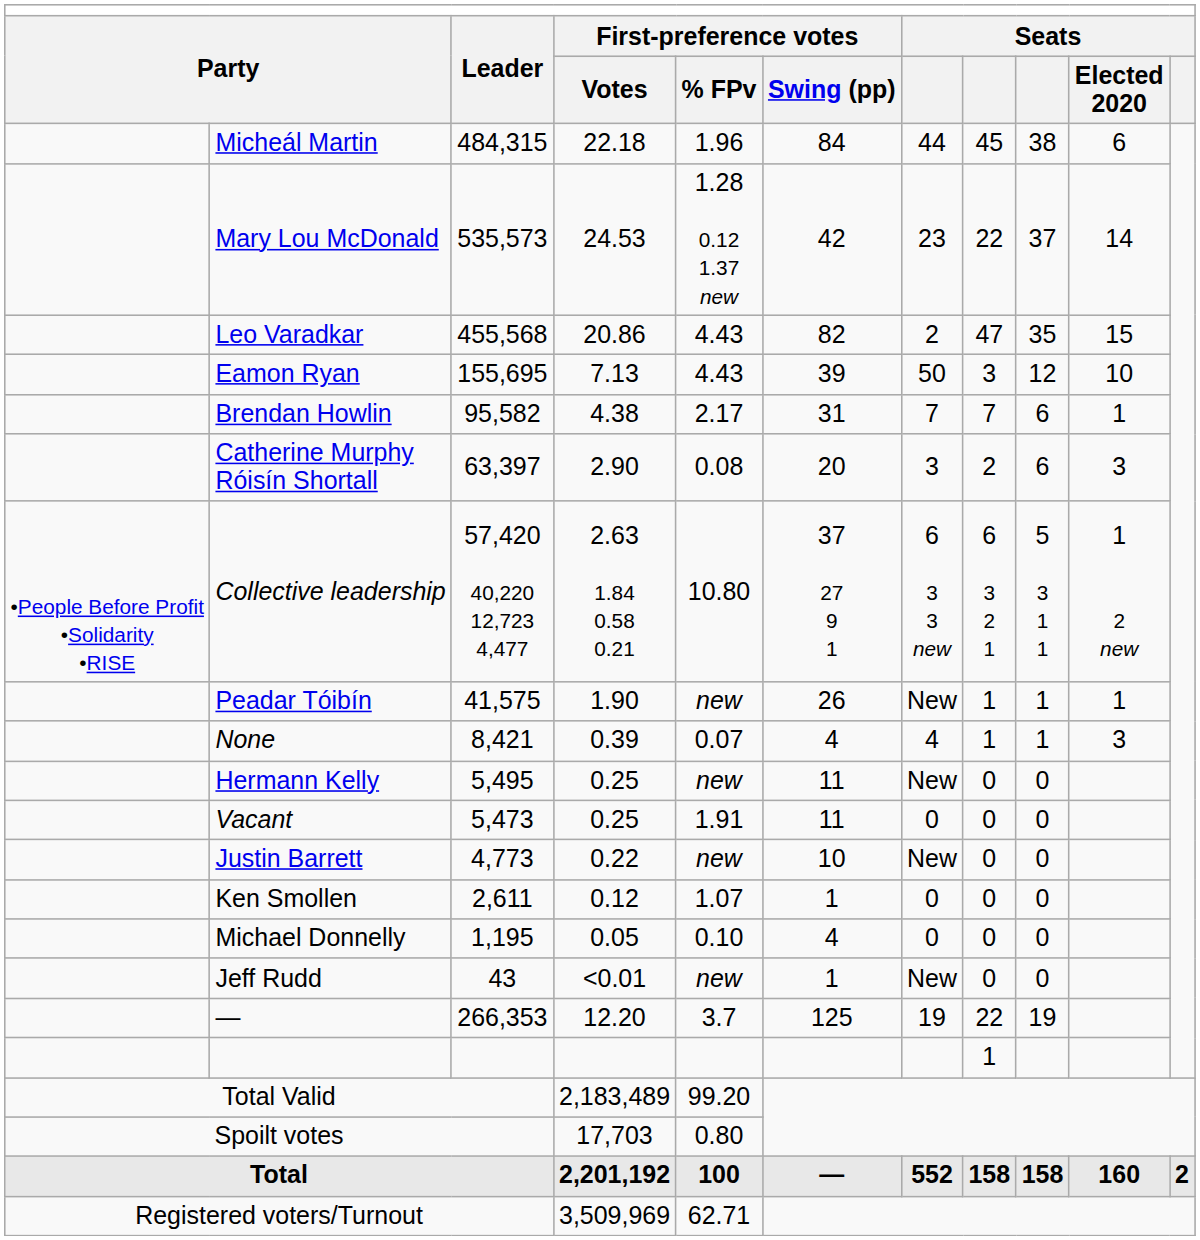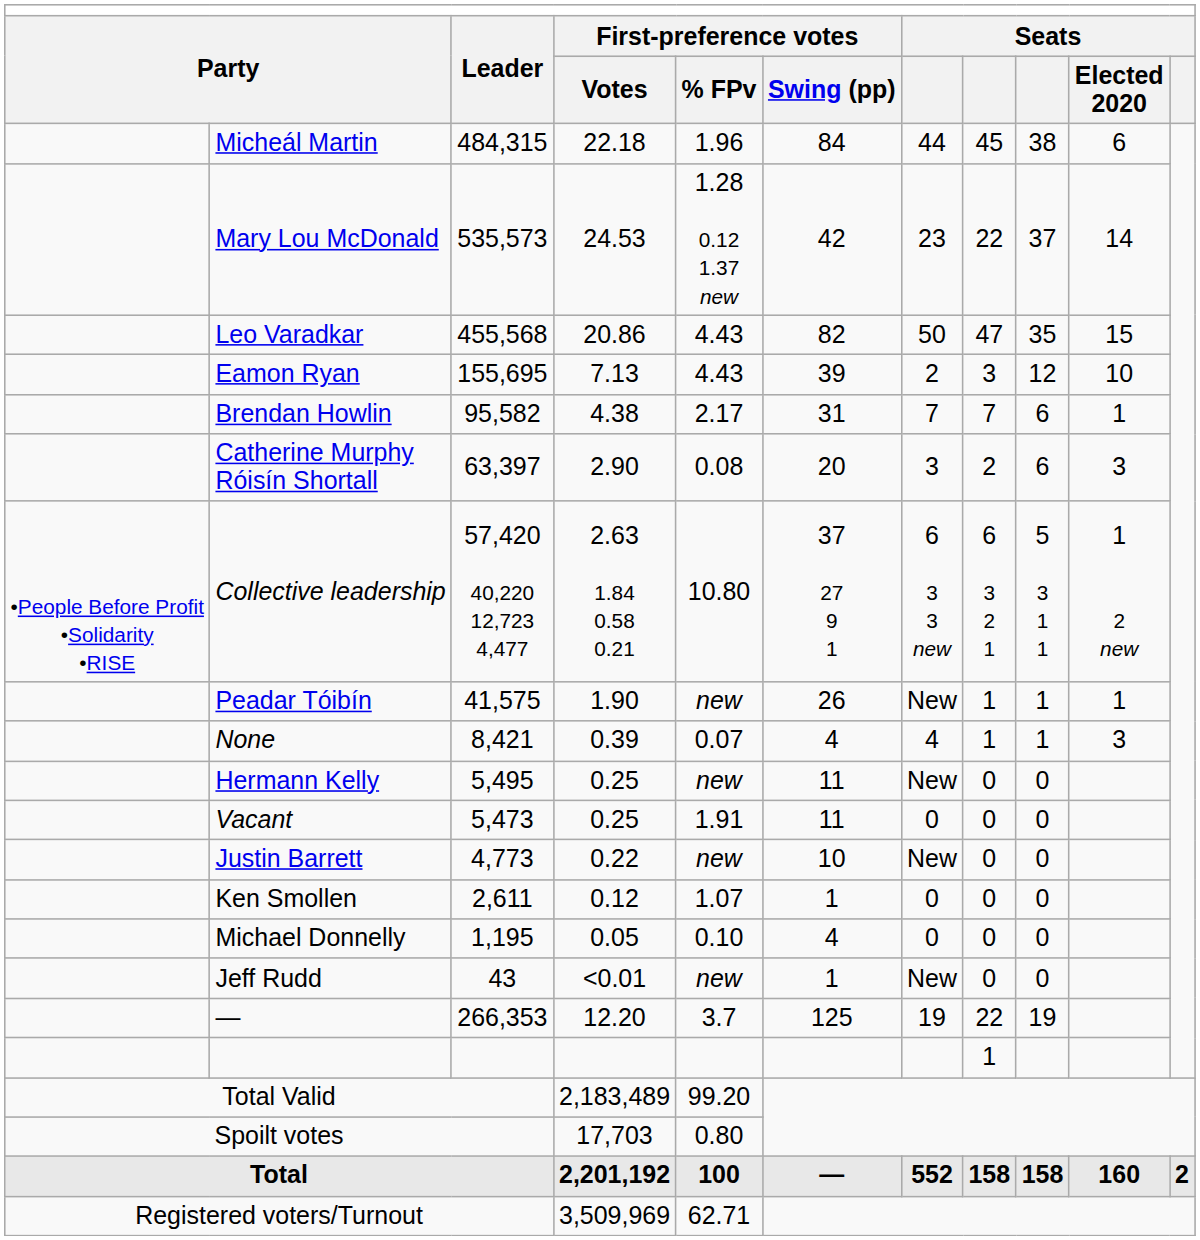 <table class="wikitable sortable" style="text-align:center;">
 <tr>
 <td bgcolor=white colspan=11></td>
 </tr>
 <tr style="text-align:right; background-color:#E9E9E9; text-align:center">
 <th rowspan="2" colspan="2">Party</th>
 <th rowspan="2">Leader</th>
 <th colspan="3">First-preference votes</th>
 <th colspan="5">Seats</th>
 </tr>
 <tr style="text-align:right; background-color:#E9E9E9; text-align:center">
 <th data-sort-type="number">Votes</th>
 <th data-sort-type="number">% FPv</th>
 <th data-sort-type="number"><a href='#'>Swing</a> (pp)</th>
 <th data-sort-type="number"><br></th>
 <th data-sort-type="number"><a href='#'></a></th>
 <th data-sort-type="number"></th>
 <th data-sort-type="number">Elected<br>2020</th>
 <th data-sort-type="number"></th>
 </tr>
 <tr>
 <td></td>
 <td style="text-align:left;" data-sort-value="Martin"><a href='#'>Micheál Martin</a></td>
 <td>484,315</td>
 <td>22.18</td>
 <td>1.96</td>
 <td>84</td>
 <td>44</td>
 <td>45</td>
 <td>38</td>
 <td>6</td>
 </tr>
 <tr>
 <td></td>
 <td style="text-align:left;" data-sort-value="McDonald"><a href='#'>Mary Lou McDonald</a></td>
 <td>535,573</td>
 <td>24.53</td>
 <td>1.28<br><br><small>0.12<br>1.37<br><em>new</em></small></td>
 <td>42</td>
 <td>23</td>
 <td>22</td>
 <td>37</td>
 <td>14</td>
 </tr>
 <tr>
 <td></td>
 <td style="text-align:left;" data-sort-value="Varadker"><a href='#'>Leo Varadkar</a></td>
 <td>455,568</td>
 <td>20.86</td>
 <td>4.43</td>
 <td>82</td>
-<td>2</td>
+<td>50</td>
 <td>47</td>
 <td>35</td>
 <td>15</td>
 </tr>
 <tr>
 <td></td>
 <td style="text-align:left;" data-sort-value="Ryan"><a href='#'>Eamon Ryan</a></td>
 <td>155,695</td>
 <td>7.13</td>
 <td>4.43</td>
 <td>39</td>
-<td>50</td>
+<td>2</td>
 <td>3</td>
 <td>12</td>
 <td>10</td>
 </tr>
 <tr>
 <td></td>
 <td style="text-align:left;" data-sort-value="Howlin"><a href='#'>Brendan Howlin</a></td>
 <td>95,582</td>
 <td>4.38</td>
 <td>2.17</td>
 <td>31</td>
 <td>7</td>
 <td>7</td>
 <td>6</td>
 <td>1</td>
 </tr>
 <tr>
 <td></td>
 <td style="text-align:left;" nowrap="" data-sort-value="Murphy"><a href='#'>Catherine Murphy</a><br><a href='#'>Róisín Shortall</a></td>
 <td>63,397</td>
 <td>2.90</td>
 <td>0.08</td>
 <td>20</td>
 <td>3</td>
 <td>2</td>
 <td>6</td>
 <td>3</td>
 </tr>
 <tr>
 <td><br><br><br><small>•<a href='#'>People Before Profit</a><br>•<a href='#'>Solidarity</a><br>•<a href='#'>RISE</a></small></td>
 <td style="text-align:left;" data-sort-value="-"><em>Collective leadership</em></td>
 <td>57,420<br><br><small>40,220<br>12,723<br>4,477</small></td>
 <td>2.63<br><br><small>1.84<br>0.58<br>0.21</small></td>
 <td>10.80</td>
 <td>37<br><br><small>27<br>9<br>1</small></td>
 <td>6<br><br><small>3<br>3<br><em>new</em></small></td>
 <td>6<br><br><small>3<br>2<br>1</small></td>
 <td>5<br><br><small>3<br>1<br>1</small></td>
 <td>1<br><br><small><br>2<br><em>new</em></small></td>
 </tr>
 <tr>
 <td></td>
 <td style="text-align:left;" data-sort-value="Tóibín"><a href='#'>Peadar Tóibín</a></td>
 <td>41,575</td>
 <td>1.90</td>
 <td><em>new</em></td>
 <td>26</td>
 <td data-sort-value="0">New</td>
 <td>1</td>
 <td>1</td>
 <td>1</td>
 </tr>
 <tr>
 <td></td>
 <td style="text-align:left;" data-sort-value="-"><em>None</em></td>
 <td>8,421</td>
 <td>0.39</td>
 <td>0.07</td>
 <td>4</td>
 <td>4</td>
 <td>1</td>
 <td>1</td>
 <td>3</td>
 </tr>
 <tr>
 <td></td>
 <td style="text-align:left;" data-sort-value="Kelly"><a href='#'>Hermann Kelly</a></td>
 <td>5,495</td>
 <td>0.25</td>
 <td><em>new</em></td>
 <td>11</td>
 <td data-sort-value="0">New</td>
 <td>0</td>
 <td>0</td>
 <td></td>
 </tr>
 <tr>
 <td></td>
 <td style="text-align:left;" data-sort-value="-"><em>Vacant</em></td>
 <td>5,473</td>
 <td>0.25</td>
 <td>1.91</td>
 <td>11</td>
 <td>0</td>
 <td>0</td>
 <td>0</td>
 <td></td>
 </tr>
 <tr>
 <td></td>
 <td style="text-align:left;" data-sort-value="Barrett"><a href='#'>Justin Barrett</a></td>
 <td>4,773</td>
 <td>0.22</td>
 <td><em>new</em></td>
 <td>10</td>
 <td data-sort-value="0">New</td>
 <td>0</td>
 <td>0</td>
 <td></td>
 </tr>
 <tr>
 <td></td>
 <td style="text-align:left;" data-sort-value="Smollen">Ken Smollen</td>
 <td>2,611</td>
 <td>0.12</td>
 <td>1.07</td>
 <td>1</td>
 <td>0</td>
 <td>0</td>
 <td>0</td>
 <td></td>
 </tr>
 <tr>
 <td></td>
 <td style="text-align:left;" data-sort-value="Donnelly">Michael Donnelly</td>
 <td>1,195</td>
 <td>0.05</td>
 <td>0.10</td>
 <td>4</td>
 <td>0</td>
 <td>0</td>
 <td>0</td>
 <td></td>
 </tr>
 <tr>
 <td></td>
 <td style="text-align:left;" data-sort-value="Rudd">Jeff Rudd</td>
 <td>43</td>
 <td><0.01</td>
 <td><em>new</em></td>
 <td>1</td>
 <td data-sort-value="0">New</td>
 <td>0</td>
 <td>0</td>
 <td></td>
 </tr>
 <tr>
 <td></td>
 <td style="text-align:left;">—</td>
 <td>266,353</td>
 <td>12.20</td>
 <td>3.7</td>
 <td>125</td>
 <td>19</td>
 <td>22</td>
 <td>19</td>
 <td></td>
 </tr>
 <tr>
 <td></td>
 <td></td>
 <td></td>
 <td></td>
 <td></td>
 <td></td>
 <td></td>
 <td>1</td>
 <td></td>
 <td></td>
 </tr>
 <tr class="sortbottom">
 <td colspan=3>Total Valid</td>
 <td>2,183,489</td>
 <td>99.20</td>
 <td rowspan=2 colspan=6></td>
 </tr>
 <tr>
 <td colspan=3>Spoilt votes</td>
 <td>17,703</td>
 <td>0.80</td>
 </tr>
 <tr class="sortbottom" style="font-weight:bold; background:rgb(232,232,232);">
 <td colspan=3>Total</td>
 <td>2,201,192</td>
 <td>100</td>
 <td>—</td>
 <td>552</td>
 <td>158</td>
 <td>158</td>
 <td>160</td>
 <td>2</td>
 </tr>
 <tr>
 <td colspan=3>Registered voters/Turnout</td>
 <td>3,509,969</td>
 <td>62.71</td>
 <td colspan=6></td>
 </tr>
 </table>
